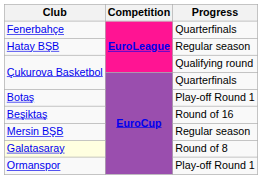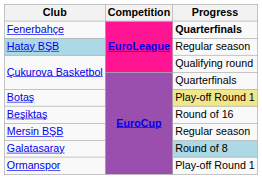 <table class="wikitable sortable">
 <tr>
 <th>Club</th>
 <th>Competition</th>
 <th>Progress</th>
 </tr>
 <tr>
 <td><a href='#'>Fenerbahçe</a></td>
 <td rowspan=3 style="background-color:#FF1493;color:#D0D3D4;text-align:center"><strong><a href='#'><span>EuroLeague</span></a></strong></td>
-<td>Quarterfinals</td>
+<td><strong>Quarterfinals</strong></td>
 </tr>
 <tr>
-<td><a href='#'>Hatay BŞB</a></td>
+<td style="background: lightblue;"><a href='#'>Hatay BŞB</a></td>
 <td>Regular season</td>
 </tr>
 <tr>
 <td rowspan=2><a href='#'>Çukurova Basketbol</a></td>
 <td>Qualifying round</td>
 </tr>
 <tr>
 <td rowspan=6 style="background-color:#9A4EAE;color:#D0D3D4;text-align:center"><strong><a href='#'><span>EuroCup</span></a></strong></td>
 <td>Quarterfinals</td>
 </tr>
 <tr>
 <td><a href='#'>Botaş</a></td>
-<td>Play-off Round 1</td>
+<td style="background: khaki;">Play-off Round 1</td>
 </tr>
 <tr>
 <td><a href='#'>Beşiktaş</a></td>
 <td>Round of 16</td>
 </tr>
 <tr>
 <td><a href='#'>Mersin BŞB</a></td>
 <td>Regular season</td>
 </tr>
 <tr>
-<td style="background: lightyellow;"><a href='#'>Galatasaray</a></td>
-<td>Round of 8</td>
+<td><a href='#'>Galatasaray</a></td>
+<td style="background: lightblue;">Round of 8</td>
 </tr>
 <tr>
 <td><a href='#'>Ormanspor</a></td>
 <td>Play-off Round 1</td>
 </tr>
 </table>
